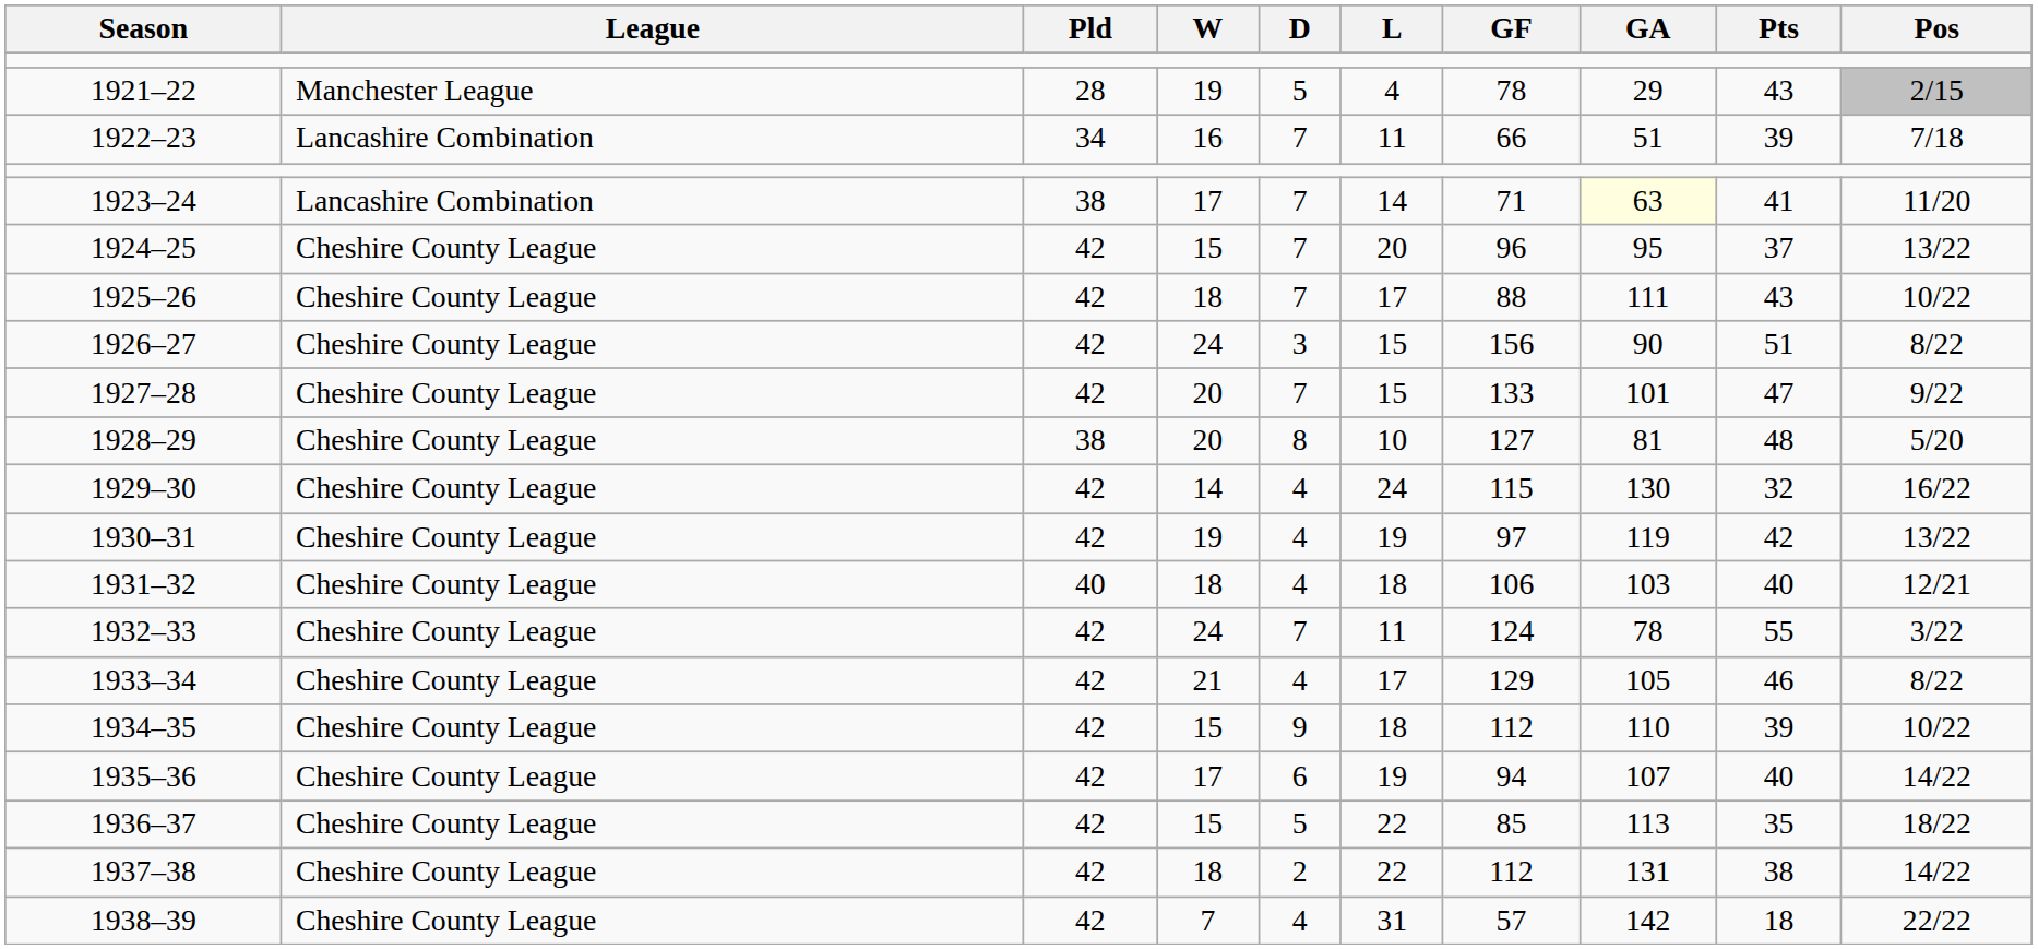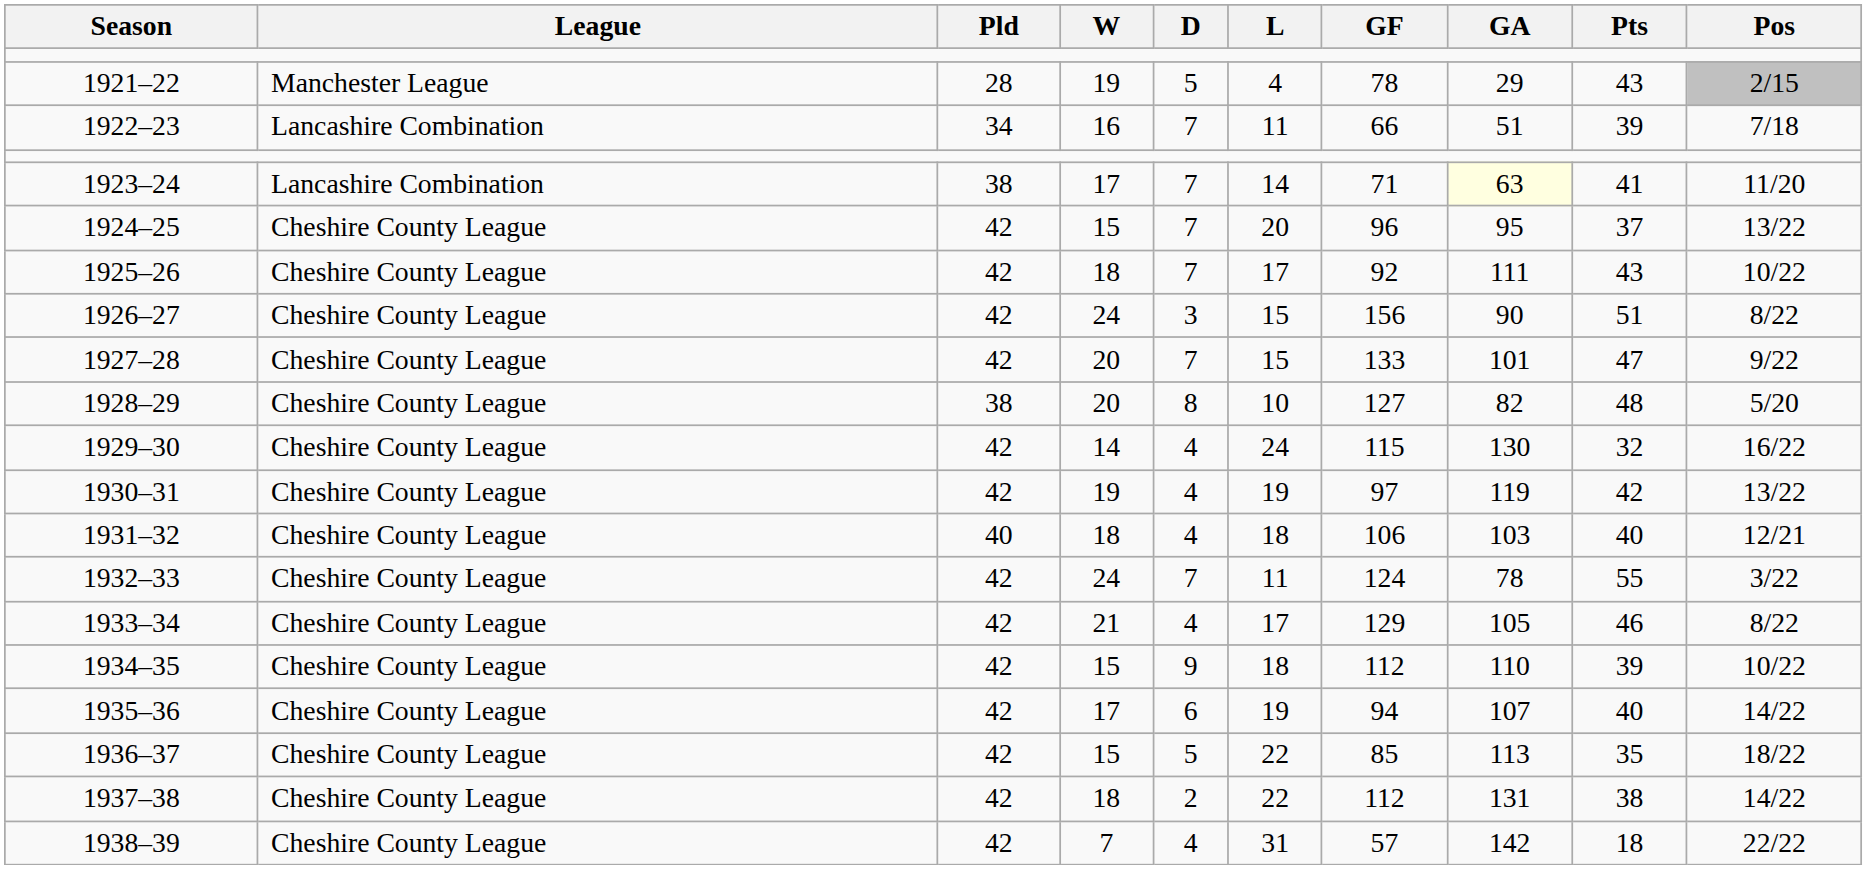 <table class="wikitable" style="width:85%; align:center; text-align:center">
 <tr>
 <th>Season</th>
 <th>League</th>
 <th>Pld</th>
 <th>W</th>
 <th>D</th>
 <th>L</th>
 <th>GF</th>
 <th>GA</th>
 <th>Pts</th>
 <th>Pos</th>
 </tr>
 <tr>
 <td Colspan=10></td>
 </tr>
 <tr>
 <td>1921–22</td>
 <td align="left"> Manchester League</td>
 <td>28</td>
 <td>19</td>
 <td>5</td>
 <td>4</td>
 <td>78</td>
 <td>29</td>
 <td>43</td>
 <td bgcolor=silver>2/15</td>
 </tr>
 <tr>
 <td>1922–23</td>
 <td align="left"> Lancashire Combination</td>
 <td>34</td>
 <td>16</td>
 <td>7</td>
 <td>11</td>
 <td>66</td>
 <td>51</td>
 <td>39</td>
 <td>7/18</td>
 </tr>
 <tr>
 <td Colspan=10></td>
 </tr>
 <tr>
 <td>1923–24</td>
 <td align="left"> Lancashire Combination</td>
 <td>38</td>
 <td>17</td>
 <td>7</td>
 <td>14</td>
 <td>71</td>
 <td style="background: lightyellow;">63</td>
 <td>41</td>
 <td>11/20</td>
 </tr>
 <tr>
 <td>1924–25</td>
 <td align="left"> Cheshire County League</td>
 <td>42</td>
 <td>15</td>
 <td>7</td>
 <td>20</td>
 <td>96</td>
 <td>95</td>
 <td>37</td>
 <td>13/22</td>
 </tr>
 <tr>
 <td>1925–26</td>
 <td align="left"> Cheshire County League</td>
 <td>42</td>
 <td>18</td>
 <td>7</td>
 <td>17</td>
-<td>88</td>
+<td>92</td>
 <td>111</td>
 <td>43</td>
 <td>10/22</td>
 </tr>
 <tr>
 <td>1926–27</td>
 <td align="left"> Cheshire County League</td>
 <td>42</td>
 <td>24</td>
 <td>3</td>
 <td>15</td>
 <td>156</td>
 <td>90</td>
 <td>51</td>
 <td>8/22</td>
 </tr>
 <tr>
 <td>1927–28</td>
 <td align="left"> Cheshire County League</td>
 <td>42</td>
 <td>20</td>
 <td>7</td>
 <td>15</td>
 <td>133</td>
 <td>101</td>
 <td>47</td>
 <td>9/22</td>
 </tr>
 <tr>
 <td>1928–29</td>
 <td align="left"> Cheshire County League</td>
 <td>38</td>
 <td>20</td>
 <td>8</td>
 <td>10</td>
 <td>127</td>
-<td>81</td>
+<td>82</td>
 <td>48</td>
 <td>5/20</td>
 </tr>
 <tr>
 <td>1929–30</td>
 <td align="left"> Cheshire County League</td>
 <td>42</td>
 <td>14</td>
 <td>4</td>
 <td>24</td>
 <td>115</td>
 <td>130</td>
 <td>32</td>
 <td>16/22</td>
 </tr>
 <tr>
 <td>1930–31</td>
 <td align="left"> Cheshire County League</td>
 <td>42</td>
 <td>19</td>
 <td>4</td>
 <td>19</td>
 <td>97</td>
 <td>119</td>
 <td>42</td>
 <td>13/22</td>
 </tr>
 <tr>
 <td>1931–32</td>
 <td align="left"> Cheshire County League</td>
 <td>40</td>
 <td>18</td>
 <td>4</td>
 <td>18</td>
 <td>106</td>
 <td>103</td>
 <td>40</td>
 <td>12/21</td>
 </tr>
 <tr>
 <td>1932–33</td>
 <td align="left"> Cheshire County League</td>
 <td>42</td>
 <td>24</td>
 <td>7</td>
 <td>11</td>
 <td>124</td>
 <td>78</td>
 <td>55</td>
 <td>3/22</td>
 </tr>
 <tr>
 <td>1933–34</td>
 <td align="left"> Cheshire County League</td>
 <td>42</td>
 <td>21</td>
 <td>4</td>
 <td>17</td>
 <td>129</td>
 <td>105</td>
 <td>46</td>
 <td>8/22</td>
 </tr>
 <tr>
 <td>1934–35</td>
 <td align="left"> Cheshire County League</td>
 <td>42</td>
 <td>15</td>
 <td>9</td>
 <td>18</td>
 <td>112</td>
 <td>110</td>
 <td>39</td>
 <td>10/22</td>
 </tr>
 <tr>
 <td>1935–36</td>
 <td align="left"> Cheshire County League</td>
 <td>42</td>
 <td>17</td>
 <td>6</td>
 <td>19</td>
 <td>94</td>
 <td>107</td>
 <td>40</td>
 <td>14/22</td>
 </tr>
 <tr>
 <td>1936–37</td>
 <td align="left"> Cheshire County League</td>
 <td>42</td>
 <td>15</td>
 <td>5</td>
 <td>22</td>
 <td>85</td>
 <td>113</td>
 <td>35</td>
 <td>18/22</td>
 </tr>
 <tr>
 <td>1937–38</td>
 <td align="left"> Cheshire County League</td>
 <td>42</td>
 <td>18</td>
 <td>2</td>
 <td>22</td>
 <td>112</td>
 <td>131</td>
 <td>38</td>
 <td>14/22</td>
 </tr>
 <tr>
 <td>1938–39</td>
 <td align="left"> Cheshire County League</td>
 <td>42</td>
 <td>7</td>
 <td>4</td>
 <td>31</td>
 <td>57</td>
 <td>142</td>
 <td>18</td>
 <td>22/22</td>
 </tr>
 </table>
